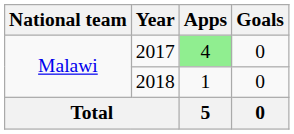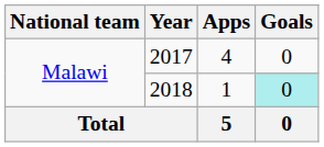 <table class="wikitable" style="text-align:center">
 <tr>
 <th>National team</th>
 <th>Year</th>
 <th>Apps</th>
 <th>Goals</th>
 </tr>
 <tr>
 <td rowspan="2"><a href='#'>Malawi</a></td>
 <td>2017</td>
-<td style="background: lightgreen;">4</td>
+<td>4</td>
 <td>0</td>
 </tr>
 <tr>
 <td>2018</td>
 <td>1</td>
-<td>0</td>
+<td style="background: paleturquoise;">0</td>
 </tr>
 <tr>
 <th colspan=2>Total</th>
 <th>5</th>
 <th>0</th>
 </tr>
 </table>
